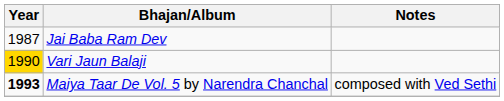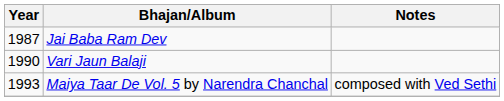 <table class="wikitable sortable">
 <tr>
 <th>Year</th>
 <th>Bhajan/Album</th>
 <th>Notes</th>
 </tr>
 <tr>
 <td>1987</td>
 <td><em><a href='#'>Jai Baba Ram Dev</a></em></td>
 <td></td>
 </tr>
 <tr>
-<td style="background: gold;">1990</td>
+<td>1990</td>
 <td><em><a href='#'>Vari Jaun Balaji</a></em></td>
 <td></td>
 </tr>
 <tr>
-<td><strong>1993</strong></td>
+<td>1993</td>
 <td><em><a href='#'>Maiya Taar De Vol. 5</a></em> by <a href='#'>Narendra Chanchal</a></td>
 <td>composed with <a href='#'>Ved Sethi</a></td>
 </tr>
 <tr>
 </tr>
 </table>
